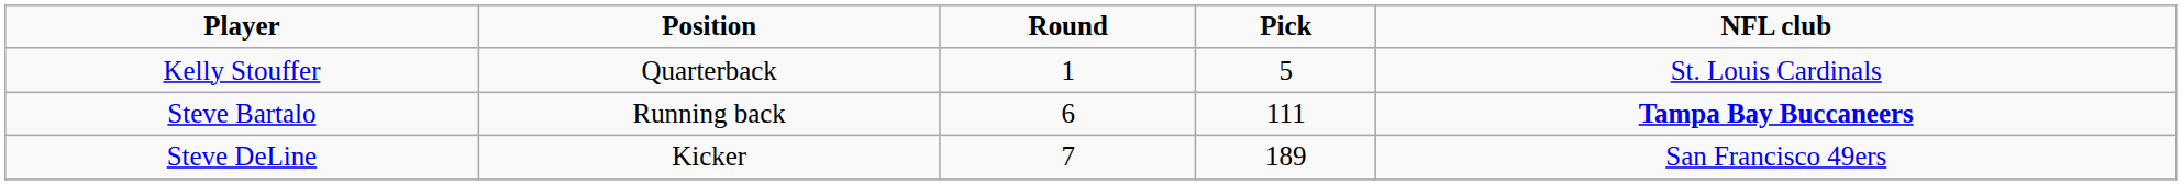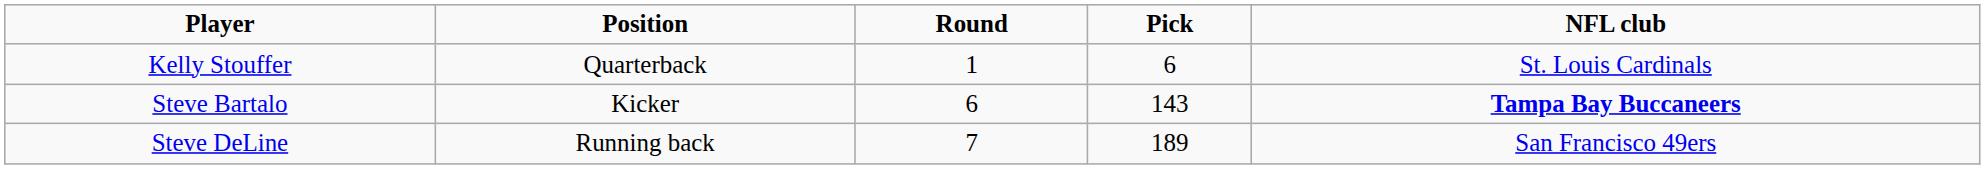 <table class="wikitable" width="80%">
 <tr align="center">
 <td><strong>Player</strong></td>
 <td><strong>Position</strong></td>
 <td><strong>Round</strong></td>
 <td><strong>Pick</strong></td>
 <td><strong>NFL club</strong></td>
 </tr>
 <tr align="center" bgcolor="">
 <td><a href='#'>Kelly Stouffer</a></td>
 <td>Quarterback</td>
 <td>1</td>
-<td>5</td>
+<td>6</td>
 <td><a href='#'>St. Louis Cardinals</a></td>
 </tr>
 <tr align="center" bgcolor="">
 <td><a href='#'>Steve Bartalo</a></td>
-<td>Running back</td>
+<td>Kicker</td>
 <td>6</td>
-<td>111</td>
+<td>143</td>
 <td><strong><a href='#'>Tampa Bay Buccaneers</a></strong></td>
 </tr>
 <tr align="center" bgcolor="">
 <td><a href='#'>Steve DeLine</a></td>
-<td>Kicker</td>
+<td>Running back</td>
 <td>7</td>
 <td>189</td>
 <td><a href='#'>San Francisco 49ers</a></td>
 </tr>
 </table>
